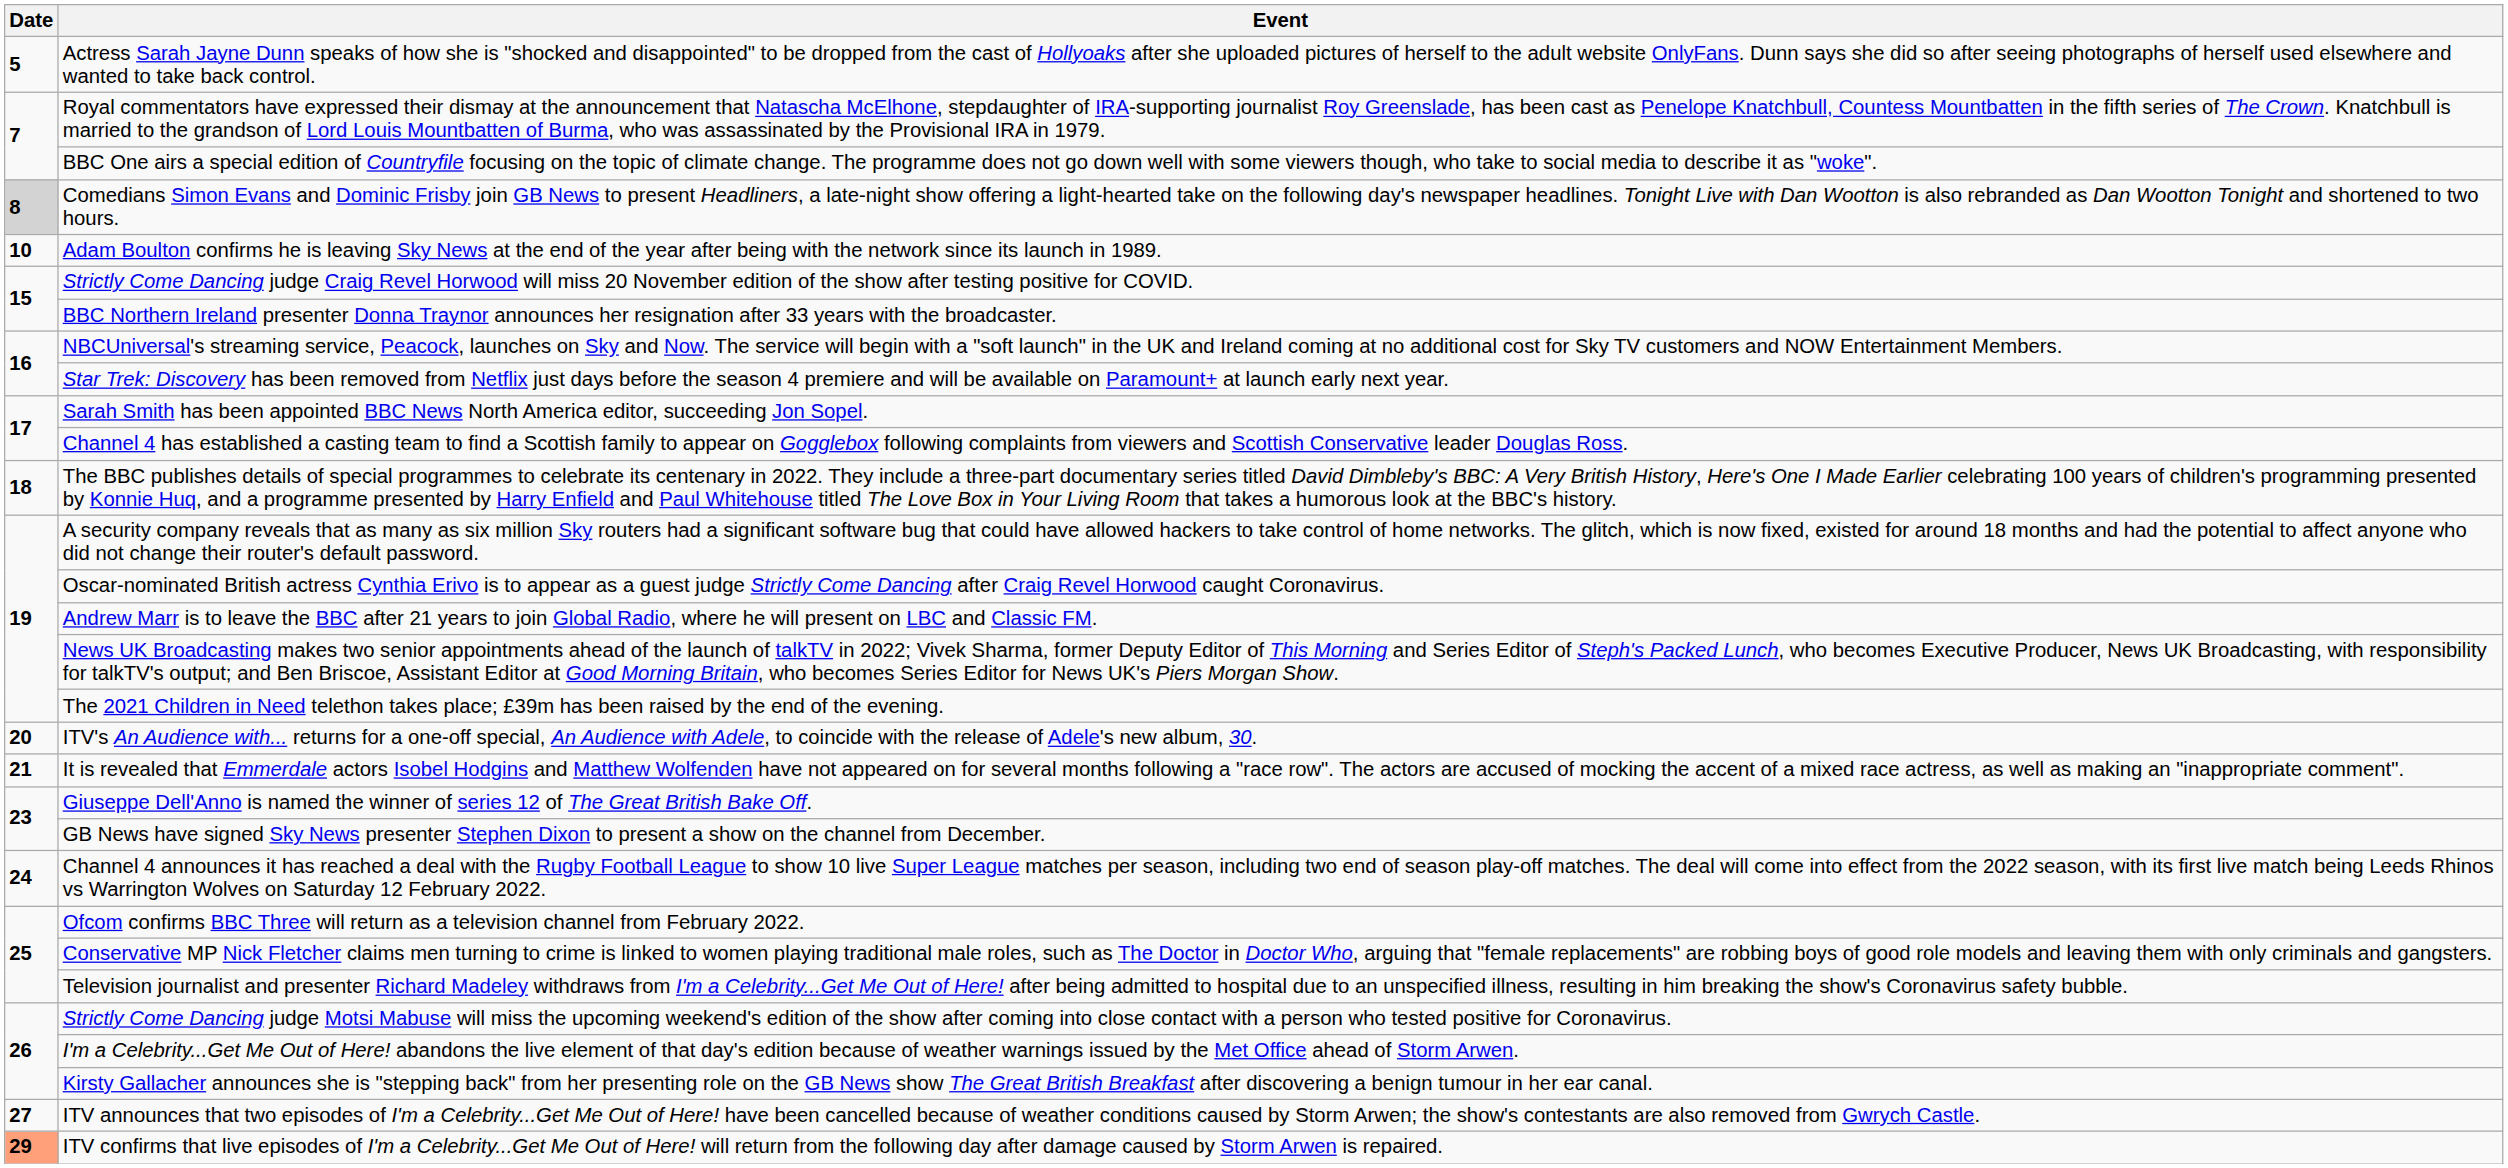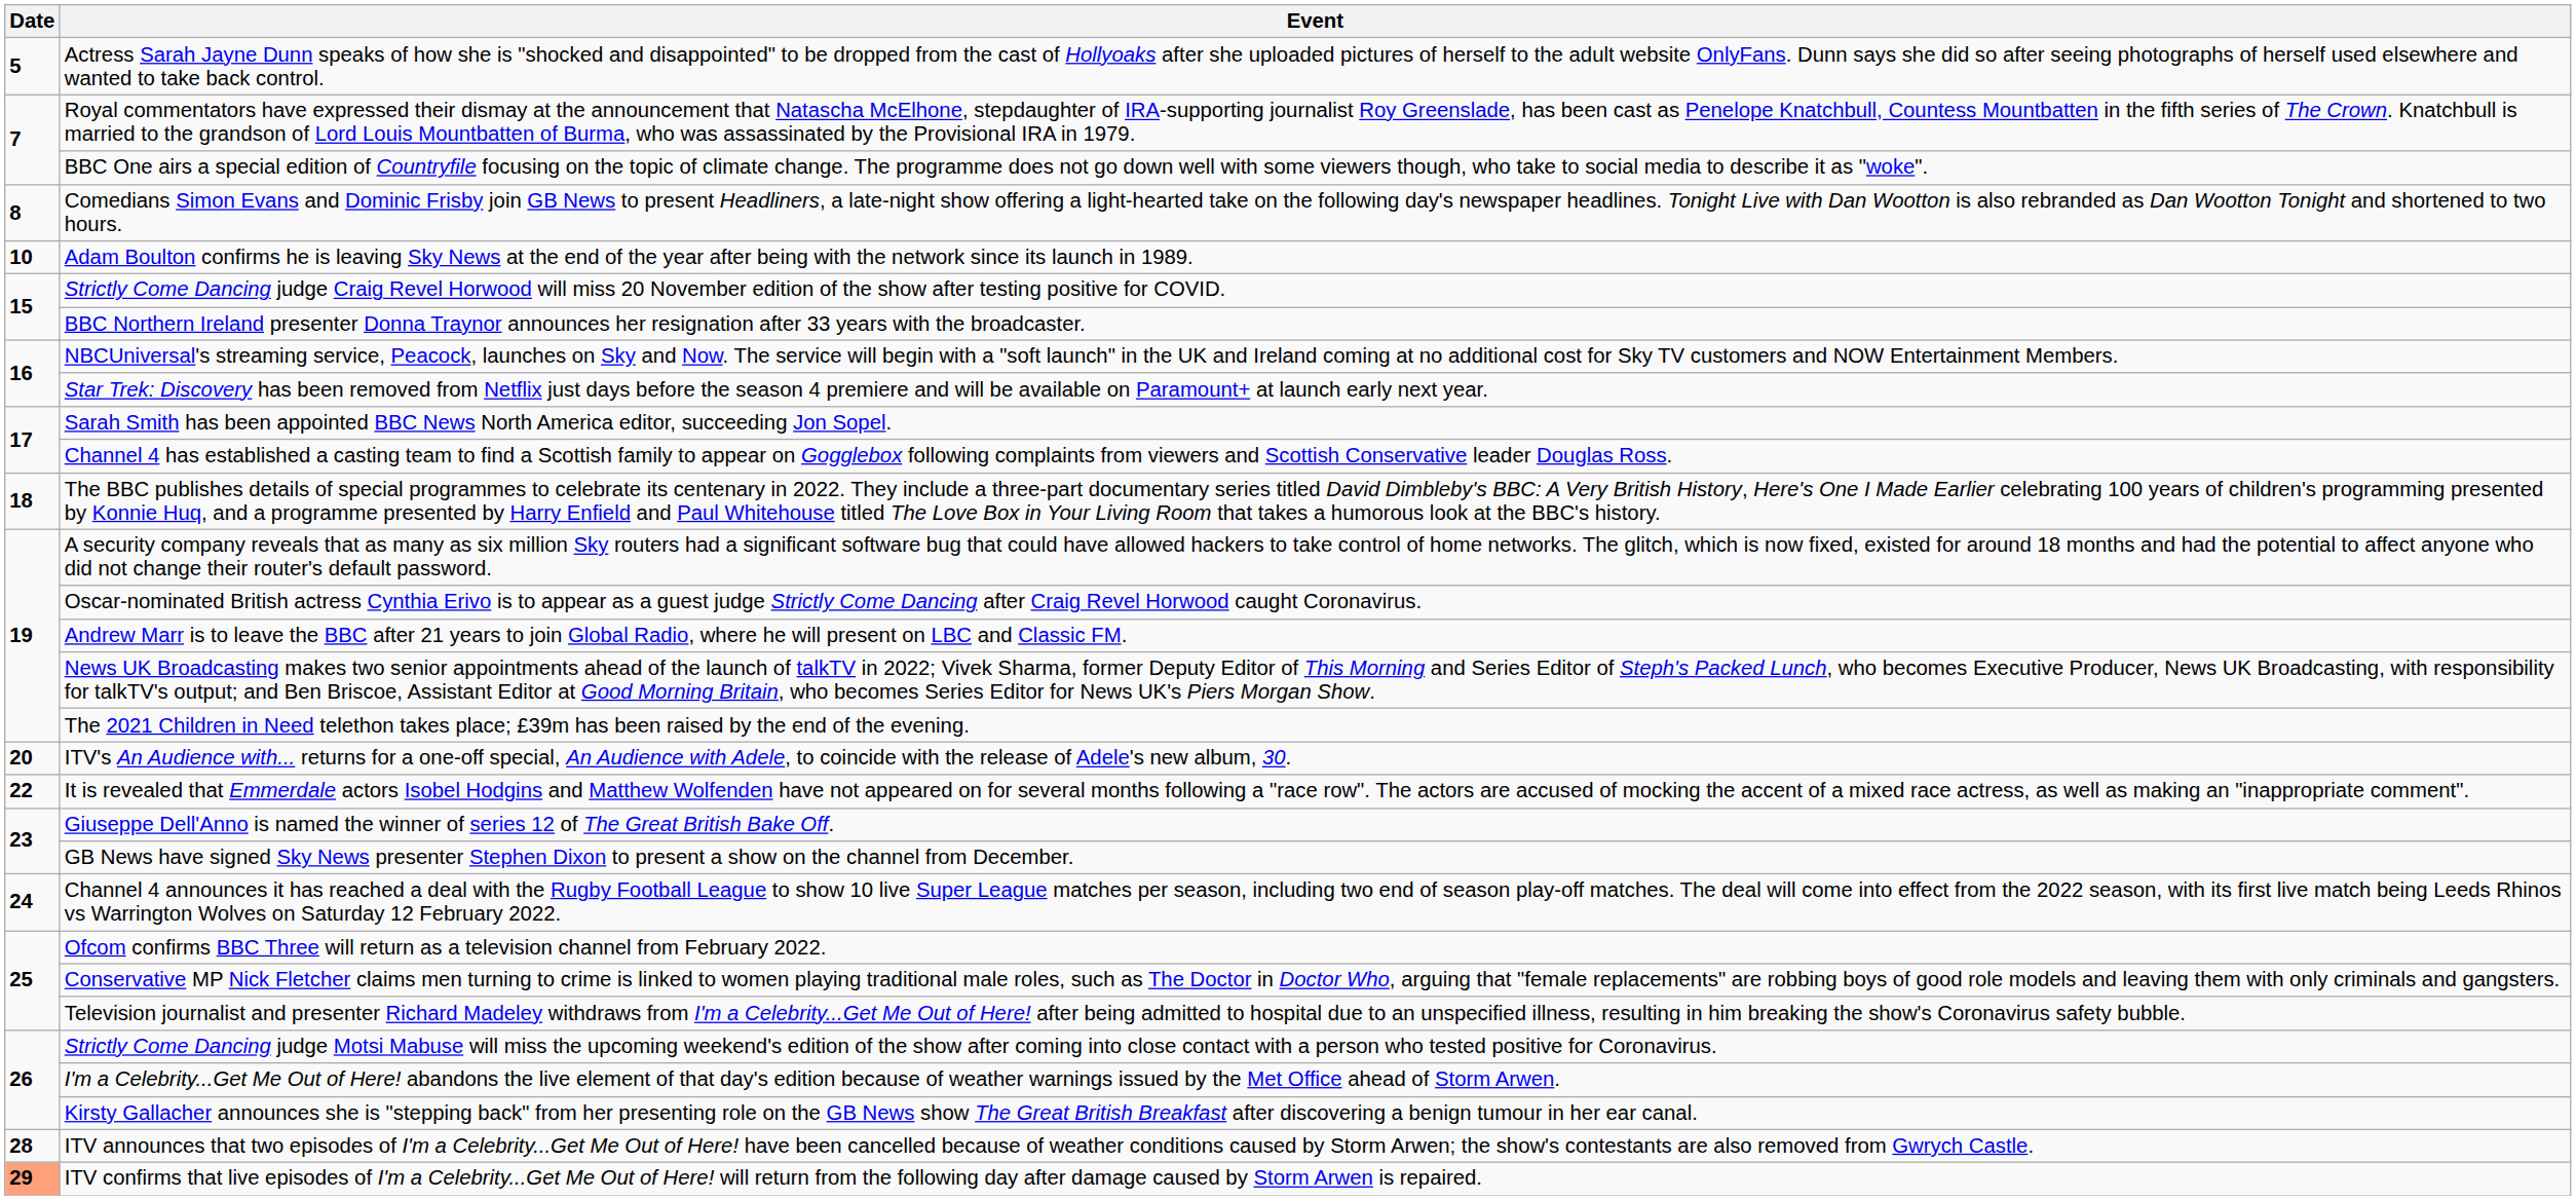 <table class="wikitable">
 <tr>
 <th>Date</th>
 <th>Event</th>
 </tr>
 <tr>
 <td><strong>5</strong></td>
 <td>Actress <a href='#'>Sarah Jayne Dunn</a> speaks of how she is "shocked and disappointed" to be dropped from the cast of <em><a href='#'>Hollyoaks</a></em> after she uploaded pictures of herself to the adult website <a href='#'>OnlyFans</a>. Dunn says she did so after seeing photographs of herself used elsewhere and wanted to take back control.</td>
 </tr>
 <tr>
 <td rowspan=2><strong>7</strong></td>
 <td>Royal commentators have expressed their dismay at the announcement that <a href='#'>Natascha McElhone</a>, stepdaughter of <a href='#'>IRA</a>-supporting journalist <a href='#'>Roy Greenslade</a>, has been cast as <a href='#'>Penelope Knatchbull, Countess Mountbatten</a> in the fifth series of <em><a href='#'>The Crown</a></em>. Knatchbull is married to the grandson of <a href='#'>Lord Louis Mountbatten of Burma</a>, who was assassinated by the Provisional IRA in 1979.</td>
 </tr>
 <tr>
 <td>BBC One airs a special edition of <em><a href='#'>Countryfile</a></em> focusing on the topic of climate change. The programme does not go down well with some viewers though, who take to social media to describe it as "<a href='#'>woke</a>".</td>
 </tr>
 <tr>
-<td style="background: lightgrey;"><strong>8</strong></td>
+<td><strong>8</strong></td>
 <td>Comedians <a href='#'>Simon Evans</a> and <a href='#'>Dominic Frisby</a> join <a href='#'>GB News</a> to present <em>Headliners</em>, a late-night show offering a light-hearted take on the following day's newspaper headlines. <em>Tonight Live with Dan Wootton</em> is also rebranded as <em>Dan Wootton Tonight</em> and shortened to two hours.</td>
 </tr>
 <tr>
 <td><strong>10</strong></td>
 <td><a href='#'>Adam Boulton</a> confirms he is leaving <a href='#'>Sky News</a> at the end of the year after being with the network since its launch in 1989.</td>
 </tr>
 <tr>
 <td rowspan=2><strong>15</strong></td>
 <td><em><a href='#'>Strictly Come Dancing</a></em> judge <a href='#'>Craig Revel Horwood</a> will miss 20 November edition of the show after testing positive for COVID.</td>
 </tr>
 <tr>
 <td><a href='#'>BBC Northern Ireland</a> presenter <a href='#'>Donna Traynor</a> announces her resignation after 33 years with the broadcaster.</td>
 </tr>
 <tr>
 <td rowspan=2><strong>16</strong></td>
 <td><a href='#'>NBCUniversal</a>'s streaming service, <a href='#'>Peacock</a>, launches on <a href='#'>Sky</a> and <a href='#'>Now</a>. The service will begin with a "soft launch" in the UK and Ireland coming at no additional cost for Sky TV customers and NOW Entertainment Members.</td>
 </tr>
 <tr>
 <td><em><a href='#'>Star Trek: Discovery</a></em> has been removed from <a href='#'>Netflix</a> just days before the season 4 premiere and will be available on <a href='#'>Paramount+</a> at launch early next year.</td>
 </tr>
 <tr>
 <td rowspan=2><strong>17</strong></td>
 <td><a href='#'>Sarah Smith</a> has been appointed <a href='#'>BBC News</a> North America editor, succeeding <a href='#'>Jon Sopel</a>.</td>
 </tr>
 <tr>
 <td><a href='#'>Channel 4</a> has established a casting team to find a Scottish family to appear on <em><a href='#'>Gogglebox</a></em> following complaints from viewers and <a href='#'>Scottish Conservative</a> leader <a href='#'>Douglas Ross</a>.</td>
 </tr>
 <tr>
 <td><strong>18</strong></td>
 <td>The BBC publishes details of special programmes to celebrate its centenary in 2022. They include a three-part documentary series titled <em>David Dimbleby's BBC: A Very British History</em>, <em>Here's One I Made Earlier</em> celebrating 100 years of children's programming presented by <a href='#'>Konnie Huq</a>, and a programme presented by <a href='#'>Harry Enfield</a> and <a href='#'>Paul Whitehouse</a> titled <em>The Love Box in Your Living Room</em> that takes a humorous look at the BBC's history.</td>
 </tr>
 <tr>
 <td rowspan=5><strong>19</strong></td>
 <td>A security company reveals that as many as six million <a href='#'>Sky</a> routers had a significant software bug that could have allowed hackers to take control of home networks. The glitch, which is now fixed, existed for around 18 months and had the potential to affect anyone who did not change their router's default password.</td>
 </tr>
 <tr>
 <td>Oscar-nominated British actress <a href='#'>Cynthia Erivo</a> is to appear as a guest judge <em><a href='#'>Strictly Come Dancing</a></em> after <a href='#'>Craig Revel Horwood</a> caught Coronavirus.</td>
 </tr>
 <tr>
 <td><a href='#'>Andrew Marr</a> is to leave the <a href='#'>BBC</a> after 21 years to join <a href='#'>Global Radio</a>, where he will present on <a href='#'>LBC</a> and <a href='#'>Classic FM</a>.</td>
 </tr>
 <tr>
 <td><a href='#'>News UK Broadcasting</a> makes two senior appointments ahead of the launch of <a href='#'>talkTV</a> in 2022; Vivek Sharma, former Deputy Editor of <em><a href='#'>This Morning</a></em> and Series Editor of <em><a href='#'>Steph's Packed Lunch</a></em>, who becomes Executive Producer, News UK Broadcasting, with responsibility for talkTV's output; and Ben Briscoe, Assistant Editor at <em><a href='#'>Good Morning Britain</a></em>, who becomes Series Editor for News UK's <em>Piers Morgan Show</em>.</td>
 </tr>
 <tr>
 <td>The <a href='#'>2021 Children in Need</a> telethon takes place; £39m has been raised by the end of the evening.</td>
 </tr>
 <tr>
 <td><strong>20</strong></td>
 <td>ITV's <em><a href='#'>An Audience with...</a></em> returns for a one-off special, <em><a href='#'>An Audience with Adele</a></em>, to coincide with the release of <a href='#'>Adele</a>'s new album, <em><a href='#'>30</a></em>.</td>
 </tr>
 <tr>
-<td><strong>21</strong></td>
+<td><strong>22</strong></td>
 <td>It is revealed that <em><a href='#'>Emmerdale</a></em> actors <a href='#'>Isobel Hodgins</a> and <a href='#'>Matthew Wolfenden</a> have not appeared on for several months following a "race row". The actors are accused of mocking the accent of a mixed race actress, as well as making an "inappropriate comment".</td>
 </tr>
 <tr>
 <td rowspan=2><strong>23</strong></td>
 <td><a href='#'>Giuseppe Dell'Anno</a> is named the winner of <a href='#'>series 12</a> of <em><a href='#'>The Great British Bake Off</a></em>.</td>
 </tr>
 <tr>
 <td>GB News have signed <a href='#'>Sky News</a> presenter <a href='#'>Stephen Dixon</a> to present a show on the channel from December.</td>
 </tr>
 <tr>
 <td><strong>24</strong></td>
 <td>Channel 4 announces it has reached a deal with the <a href='#'>Rugby Football League</a> to show 10 live <a href='#'>Super League</a> matches per season, including two end of season play-off matches. The deal will come into effect from the 2022 season, with its first live match being Leeds Rhinos vs Warrington Wolves on Saturday 12 February 2022.</td>
 </tr>
 <tr>
 <td rowspan=3><strong>25</strong></td>
 <td><a href='#'>Ofcom</a> confirms <a href='#'>BBC Three</a> will return as a television channel from February 2022.</td>
 </tr>
 <tr>
 <td><a href='#'>Conservative</a> MP <a href='#'>Nick Fletcher</a> claims men turning to crime is linked to women playing traditional male roles, such as <a href='#'>The Doctor</a> in <em><a href='#'>Doctor Who</a></em>, arguing that "female replacements" are robbing boys of good role models and leaving them with only criminals and gangsters.</td>
 </tr>
 <tr>
 <td>Television journalist and presenter <a href='#'>Richard Madeley</a> withdraws from <em><a href='#'>I'm a Celebrity...Get Me Out of Here!</a></em> after being admitted to hospital due to an unspecified illness, resulting in him breaking the show's Coronavirus safety bubble.</td>
 </tr>
 <tr>
 <td rowspan=3><strong>26</strong></td>
 <td><em><a href='#'>Strictly Come Dancing</a></em> judge <a href='#'>Motsi Mabuse</a> will miss the upcoming weekend's edition of the show after coming into close contact with a person who tested positive for Coronavirus.</td>
 </tr>
 <tr>
 <td><em>I'm a Celebrity...Get Me Out of Here!</em> abandons the live element of that day's edition because of weather warnings issued by the <a href='#'>Met Office</a> ahead of <a href='#'>Storm Arwen</a>.</td>
 </tr>
 <tr>
 <td><a href='#'>Kirsty Gallacher</a> announces she is "stepping back" from her presenting role on the <a href='#'>GB News</a> show <em><a href='#'>The Great British Breakfast</a></em> after discovering a benign tumour in her ear canal.</td>
 </tr>
 <tr>
-<td><strong>27</strong></td>
+<td><strong>28</strong></td>
 <td>ITV announces that two episodes of <em>I'm a Celebrity...Get Me Out of Here!</em> have been cancelled because of weather conditions caused by Storm Arwen; the show's contestants are also removed from <a href='#'>Gwrych Castle</a>.</td>
 </tr>
 <tr>
 <td style="background: lightsalmon;"><strong>29</strong></td>
 <td>ITV confirms that live episodes of <em>I'm a Celebrity...Get Me Out of Here!</em> will return from the following day after damage caused by <a href='#'>Storm Arwen</a> is repaired.</td>
 </tr>
 </table>
